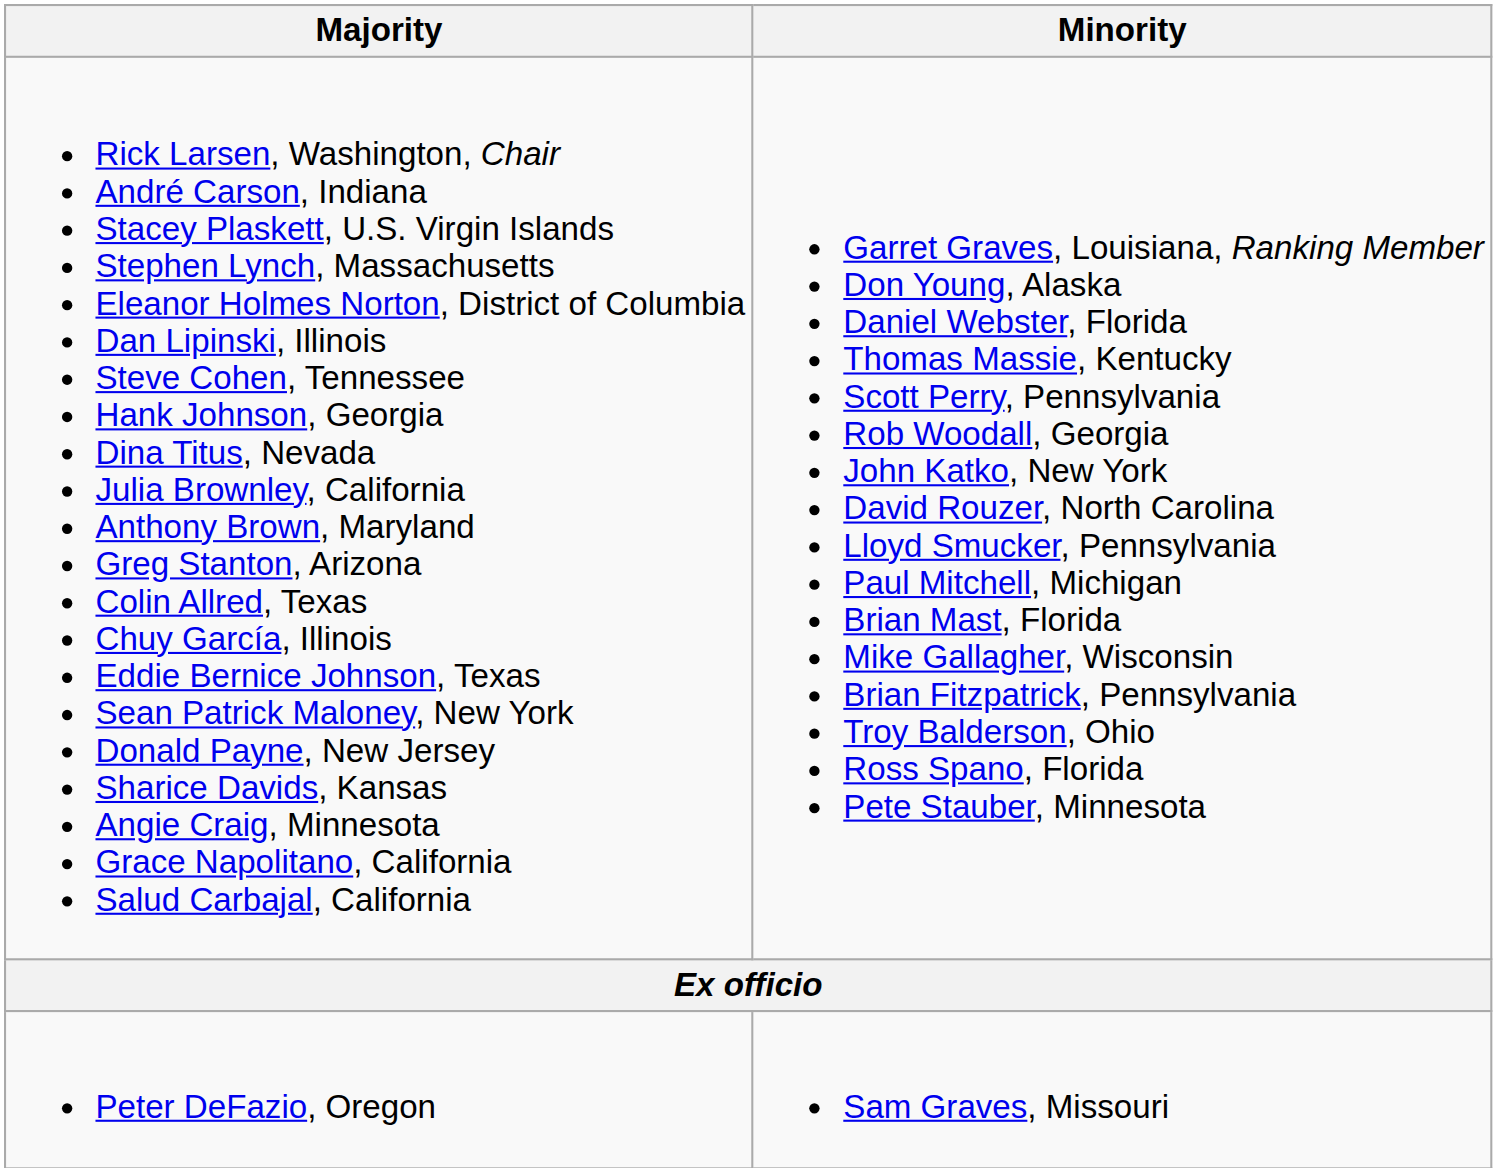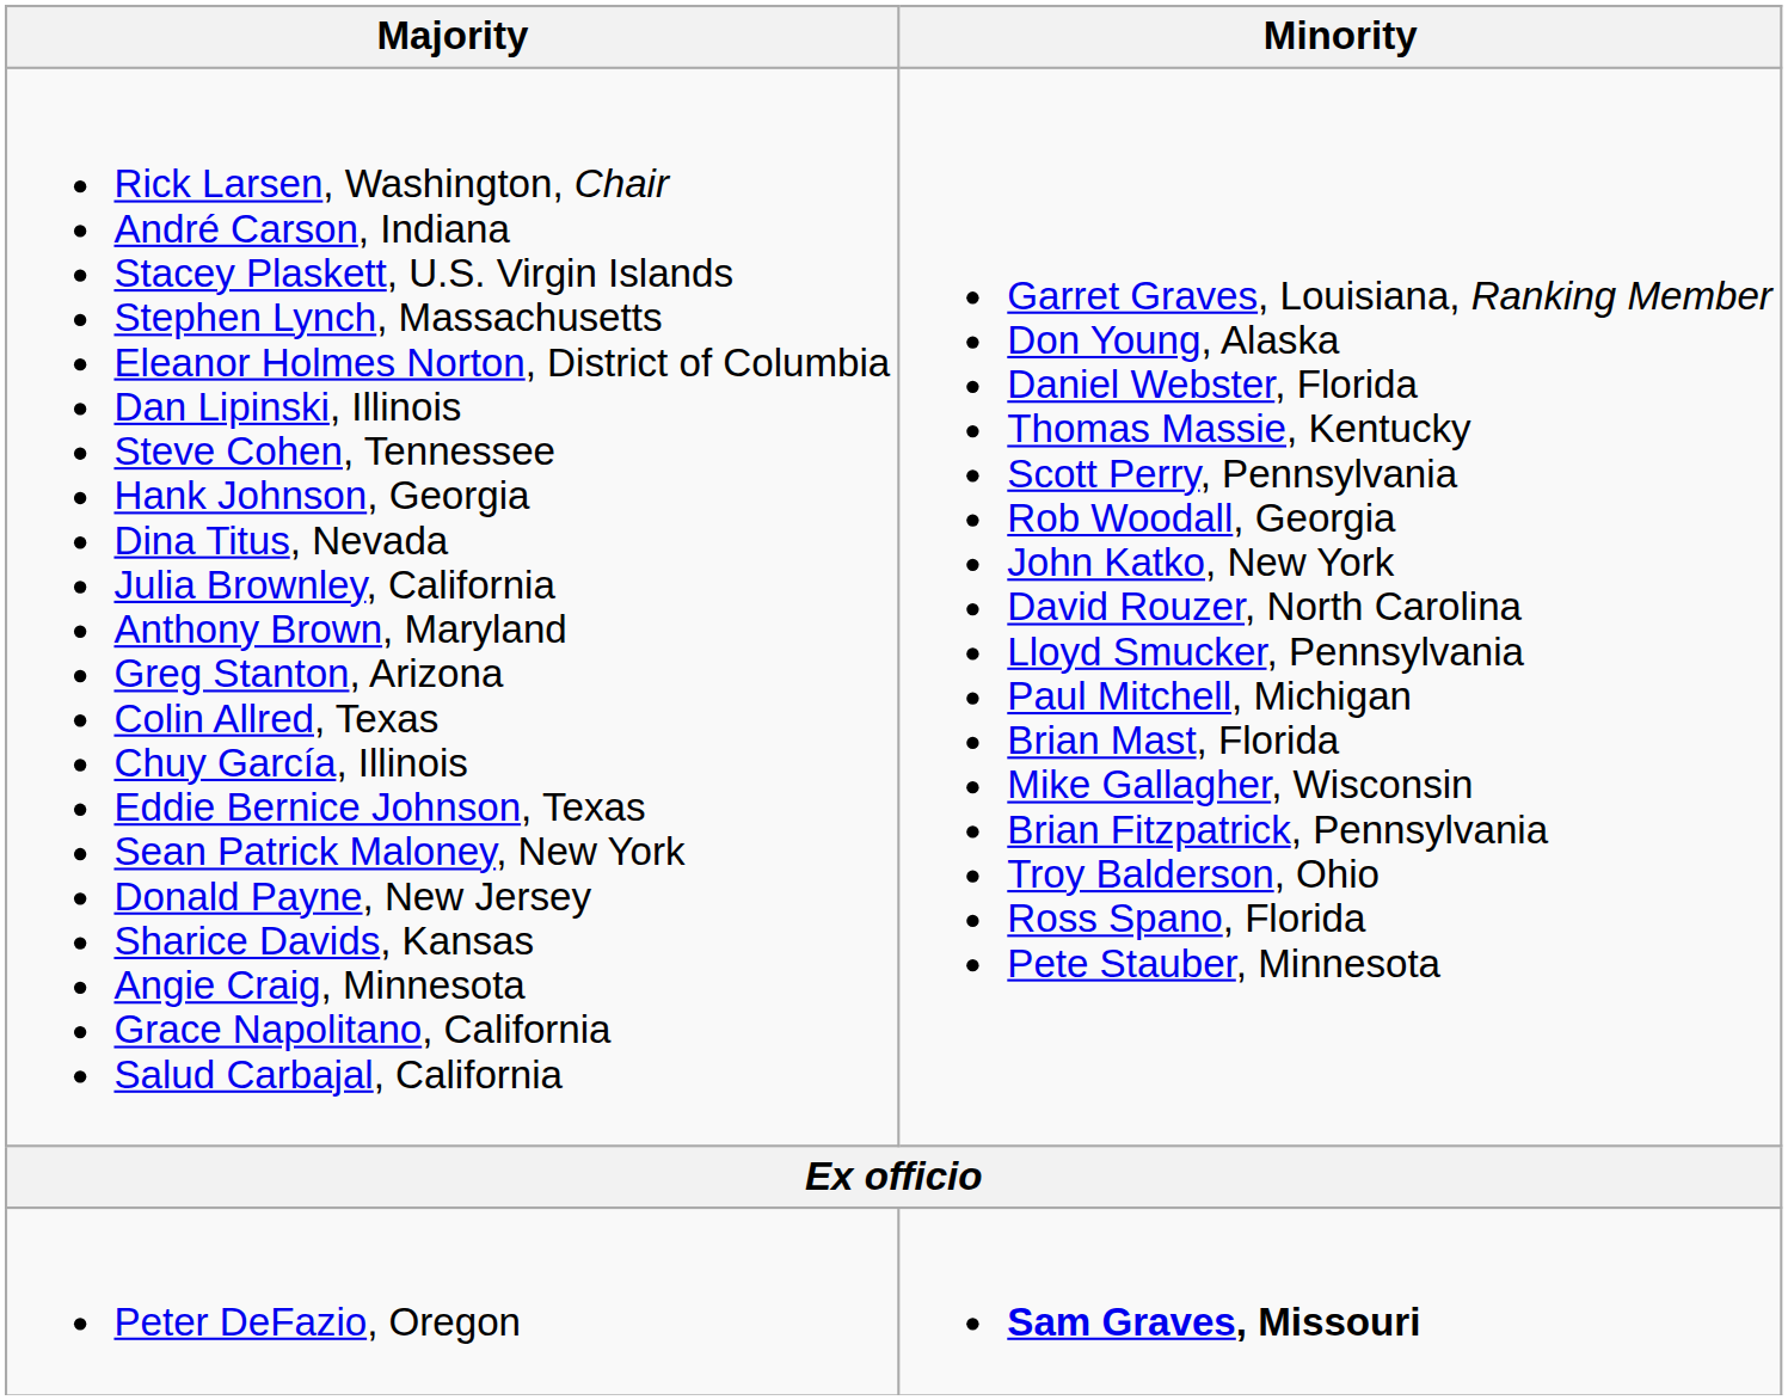 <table class=wikitable>
 <tr>
 <th>Majority</th>
 <th>Minority</th>
 </tr>
 <tr>
 <td><br><ul><li><a href='#'>Rick Larsen</a>, Washington, <em>Chair</em></li><li><a href='#'>André Carson</a>, Indiana</li><li><a href='#'>Stacey Plaskett</a>, U.S. Virgin Islands</li><li><a href='#'>Stephen Lynch</a>, Massachusetts</li><li><a href='#'>Eleanor Holmes Norton</a>, District of Columbia</li><li><a href='#'>Dan Lipinski</a>, Illinois</li><li><a href='#'>Steve Cohen</a>, Tennessee</li><li><a href='#'>Hank Johnson</a>, Georgia</li><li><a href='#'>Dina Titus</a>, Nevada</li><li><a href='#'>Julia Brownley</a>, California</li><li><a href='#'>Anthony Brown</a>, Maryland</li><li><a href='#'>Greg Stanton</a>, Arizona</li><li><a href='#'>Colin Allred</a>, Texas</li><li><a href='#'>Chuy García</a>, Illinois</li><li><a href='#'>Eddie Bernice Johnson</a>, Texas</li><li><a href='#'>Sean Patrick Maloney</a>, New York</li><li><a href='#'>Donald Payne</a>, New Jersey</li><li><a href='#'>Sharice Davids</a>, Kansas</li><li><a href='#'>Angie Craig</a>, Minnesota</li><li><a href='#'>Grace Napolitano</a>, California</li><li><a href='#'>Salud Carbajal</a>, California</li></ul></td>
 <td><br><ul><li><a href='#'>Garret Graves</a>, Louisiana, <em>Ranking Member</em></li><li><a href='#'>Don Young</a>, Alaska</li><li><a href='#'>Daniel Webster</a>, Florida</li><li><a href='#'>Thomas Massie</a>, Kentucky</li><li><a href='#'>Scott Perry</a>, Pennsylvania</li><li><a href='#'>Rob Woodall</a>, Georgia</li><li><a href='#'>John Katko</a>, New York</li><li><a href='#'>David Rouzer</a>, North Carolina</li><li><a href='#'>Lloyd Smucker</a>, Pennsylvania</li><li><a href='#'>Paul Mitchell</a>, Michigan</li><li><a href='#'>Brian Mast</a>, Florida</li><li><a href='#'>Mike Gallagher</a>, Wisconsin</li><li><a href='#'>Brian Fitzpatrick</a>, Pennsylvania</li><li><a href='#'>Troy Balderson</a>, Ohio</li><li><a href='#'>Ross Spano</a>, Florida</li><li><a href='#'>Pete Stauber</a>, Minnesota</li></ul></td>
 </tr>
 <tr>
 <th colspan=2><em>Ex officio</em></th>
 </tr>
 <tr>
 <td><br><ul><li><a href='#'>Peter DeFazio</a>, Oregon</li></ul></td>
-<td><br><ul><li><a href='#'>Sam Graves</a>, Missouri</li></ul></td>
+<td><strong><br><ul><li><a href='#'>Sam Graves</a>, Missouri</li></ul></strong></td>
 </tr>
 </table>
